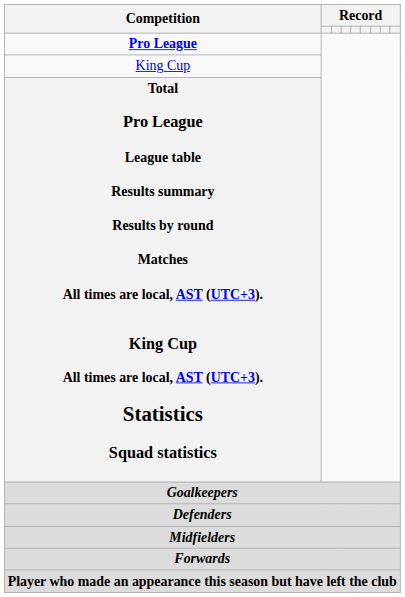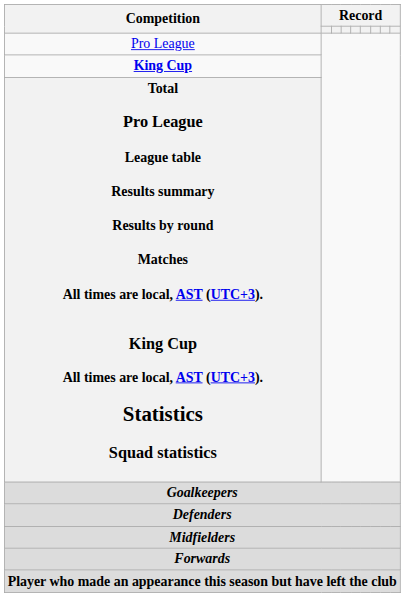 <table class="wikitable" style="text-align: center">
 <tr>
 <th rowspan=2>Competition</th>
 <th colspan=8>Record</th>
 </tr>
 <tr>
 <th></th>
 <th></th>
 <th></th>
 <th></th>
 <th></th>
 <th></th>
 <th></th>
 <th></th>
 </tr>
 <tr>
-<td><strong><a href='#'>Pro League</a><br></strong></td>
+<td><a href='#'>Pro League</a><br></td>
 </tr>
 <tr>
-<td><a href='#'>King Cup</a><br></td>
+<td><strong><a href='#'>King Cup</a><br></strong></td>
 </tr>
 <tr>
 <th>Total<br> <h3>Pro League</h3><h4>League table</h4><h4>Results summary</h4> <h4>Results by round</h4><h4>Matches</h4>All times are local, <a href='#'>AST</a> (<a href='#'>UTC+3</a>).<br>   <br>                              <h3>King Cup</h3> All times are local, <a href='#'>AST</a> (<a href='#'>UTC+3</a>).<br>  <h2>Statistics</h2><h3>Squad statistics</h3></th>
 </tr>
 <tr>
 <th colspan=14 style=background:#dcdcdc; text-align:center><em>Goalkeepers</em><br>  </th>
 </tr>
 <tr>
 <th colspan=14 style=background:#dcdcdc; text-align:center><em>Defenders</em><br>        </th>
 </tr>
 <tr>
 <th colspan=14 style=background:#dcdcdc; text-align:center><em>Midfielders</em><br>           </th>
 </tr>
 <tr>
 <th colspan=14 style=background:#dcdcdc; text-align:center><em>Forwards</em><br>  </th>
 </tr>
 <tr>
 <th colspan=14 style=background:#dcdcdc; text-align:center>Player who made an appearance this season but have left the club<br></th>
 </tr>
 </table>
